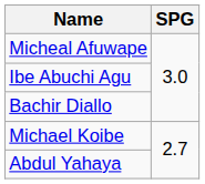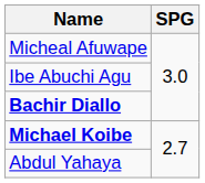 <table class="wikitable">
 <tr>
 <th>Name</th>
 <th>SPG</th>
 </tr>
 <tr>
 <td> <a href='#'>Micheal Afuwape</a></td>
 <td align=center rowspan=3>3.0</td>
 </tr>
 <tr>
 <td> <a href='#'>Ibe Abuchi Agu</a></td>
 </tr>
 <tr>
-<td> <a href='#'>Bachir Diallo</a></td>
+<td><strong> <a href='#'>Bachir Diallo</a></strong></td>
 </tr>
 <tr>
-<td> <a href='#'>Michael Koibe</a></td>
+<td><strong> <a href='#'>Michael Koibe</a></strong></td>
 <td align=center rowspan=2>2.7</td>
 </tr>
 <tr>
 <td> <a href='#'>Abdul Yahaya</a></td>
 </tr>
 </table>
